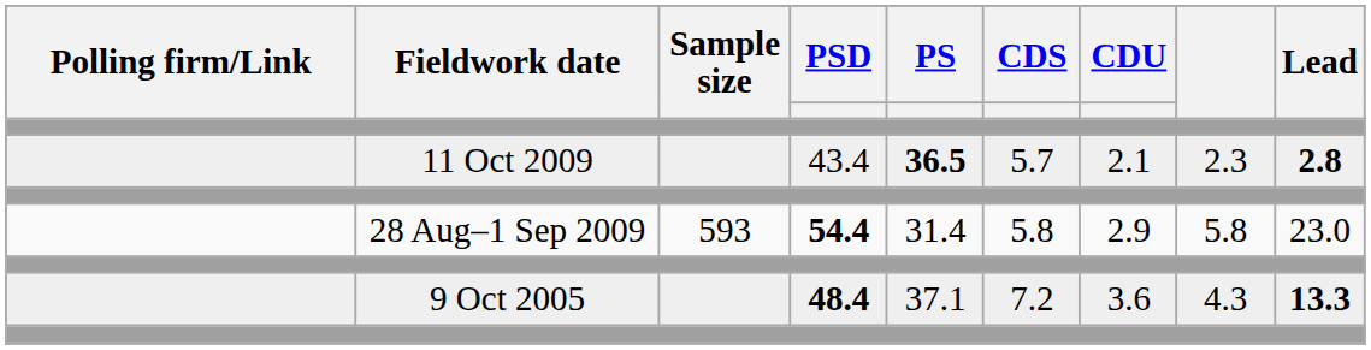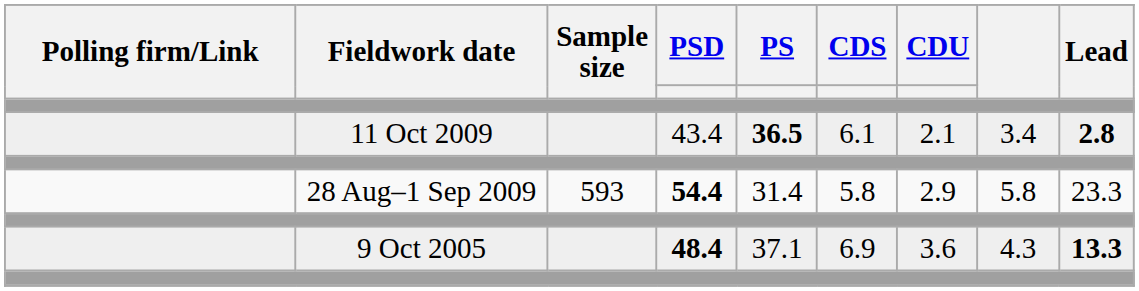 <table class="wikitable collapsible sortable" style="text-align:center; font-size:95%; line-height:16px;">
 <tr style="height:42px;">
 <th style="width:145px;" rowspan="2">Polling firm/Link</th>
 <th style="width:125px;" rowspan="2">Fieldwork date</th>
 <th class="unsortable" style="width:50px;" rowspan="2">Sample size</th>
 <th class="unsortable" style="width:35px;"><a href='#'>PSD</a></th>
 <th class="unsortable" style="width:35px;"><a href='#'>PS</a></th>
 <th class="unsortable" style="width:35px;"><a href='#'>CDS</a></th>
 <th class="unsortable" style="width:35px;"><a href='#'>CDU</a></th>
 <th class="unsortable" style="width:35px;" rowspan="2"></th>
 <th class="unsortable" style="width:30px;" rowspan="2">Lead</th>
 </tr>
 <tr>
 <th class="unsortable" style="color:inherit;background:"></th>
 <th class="unsortable" style="color:inherit;background:"></th>
 <th class="unsortable" style="color:inherit;background:"></th>
 <th class="unsortable" style="color:inherit;background:"></th>
 </tr>
 <tr>
 <td colspan="13" style="background:#A0A0A0"></td>
 </tr>
 <tr style="background:#EFEFEF;">
 <td><strong></strong></td>
 <td data-sort-value="2019-10-06">11 Oct 2009</td>
 <td></td>
 <td>43.4<br></td>
 <td><strong>36.5</strong><br></td>
-<td>5.7<br></td>
+<td>6.1<br></td>
 <td>2.1<br></td>
-<td>2.3</td>
+<td>3.4</td>
 <td style="background:"><strong>2.8</strong></td>
 </tr>
 <tr>
 <td colspan="13" style="background:#A0A0A0"></td>
 </tr>
 <tr>
 <td align="center"></td>
 <td align="center">28 Aug–1 Sep 2009</td>
 <td>593</td>
 <td align="center" ><strong>54.4</strong></td>
 <td align="center">31.4</td>
 <td align="center">5.8</td>
 <td align="center">2.9</td>
 <td align="center">5.8</td>
-<td style="background:">23.0</td>
+<td style="background:">23.3</td>
 </tr>
 <tr>
 <td colspan="13" style="background:#A0A0A0"></td>
 </tr>
 <tr style="background:#EFEFEF;">
 <td><strong></strong></td>
 <td data-sort-value="2019-10-06">9 Oct 2005</td>
 <td></td>
 <td><strong>48.4</strong><br></td>
 <td>37.1<br></td>
-<td>7.2<br></td>
+<td>6.9<br></td>
 <td>3.6<br></td>
 <td>4.3<br></td>
 <td style="background:"><strong>13.3</strong></td>
 </tr>
 <tr>
 <td colspan="13" style="background:#A0A0A0"></td>
 </tr>
 <tr>
 </tr>
 </table>
